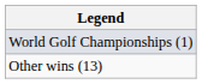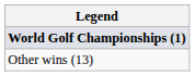 <table class="wikitable" style="font-size:95%;">
 <tr>
 <th>Legend</th>
 </tr>
 <tr style="background:#dfe2e9;">
-<td>World Golf Championships (1)</td>
+<td><strong>World Golf Championships (1)</strong></td>
 </tr>
 <tr>
 <td>Other wins (13)</td>
 </tr>
 </table>
